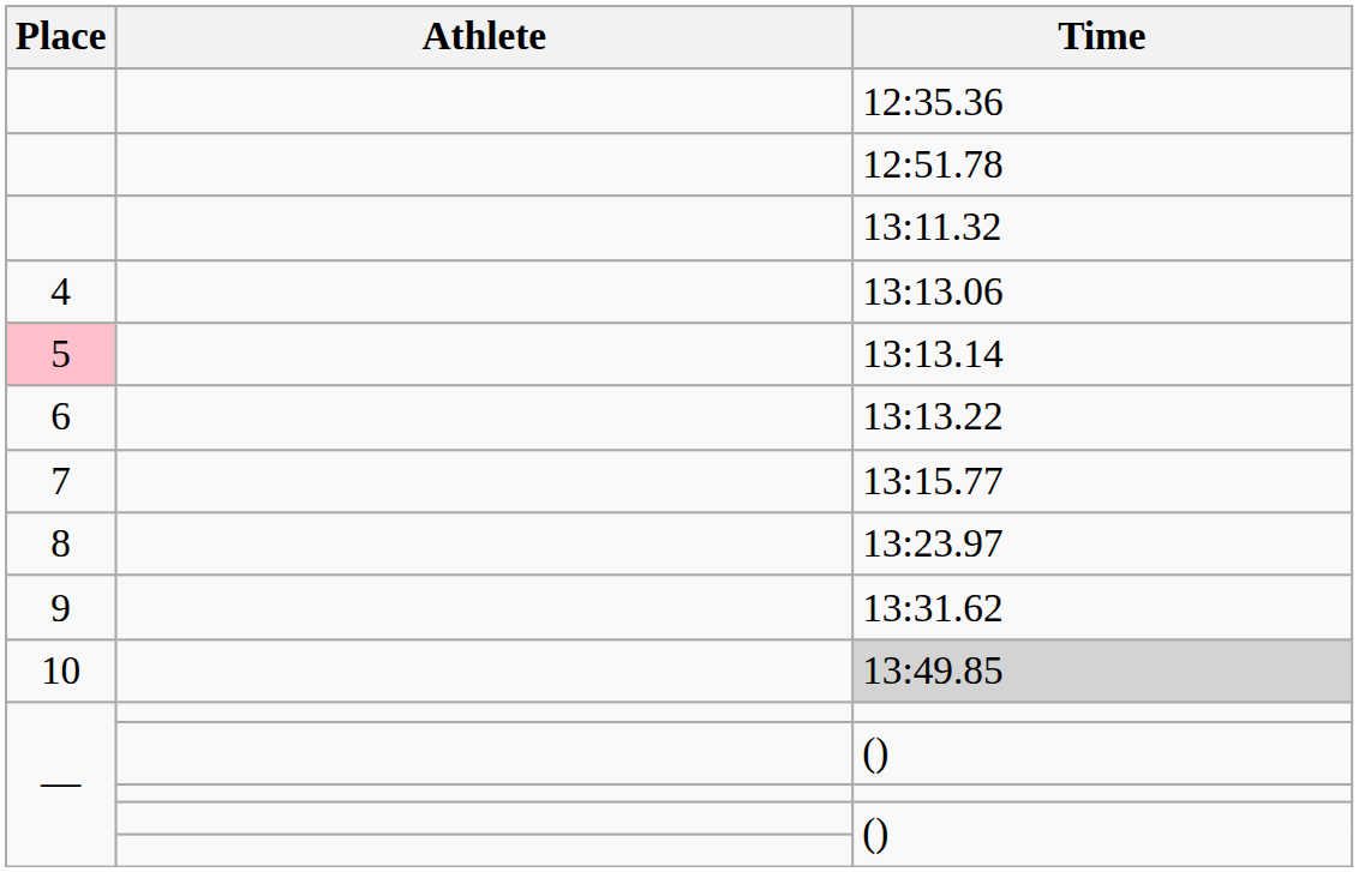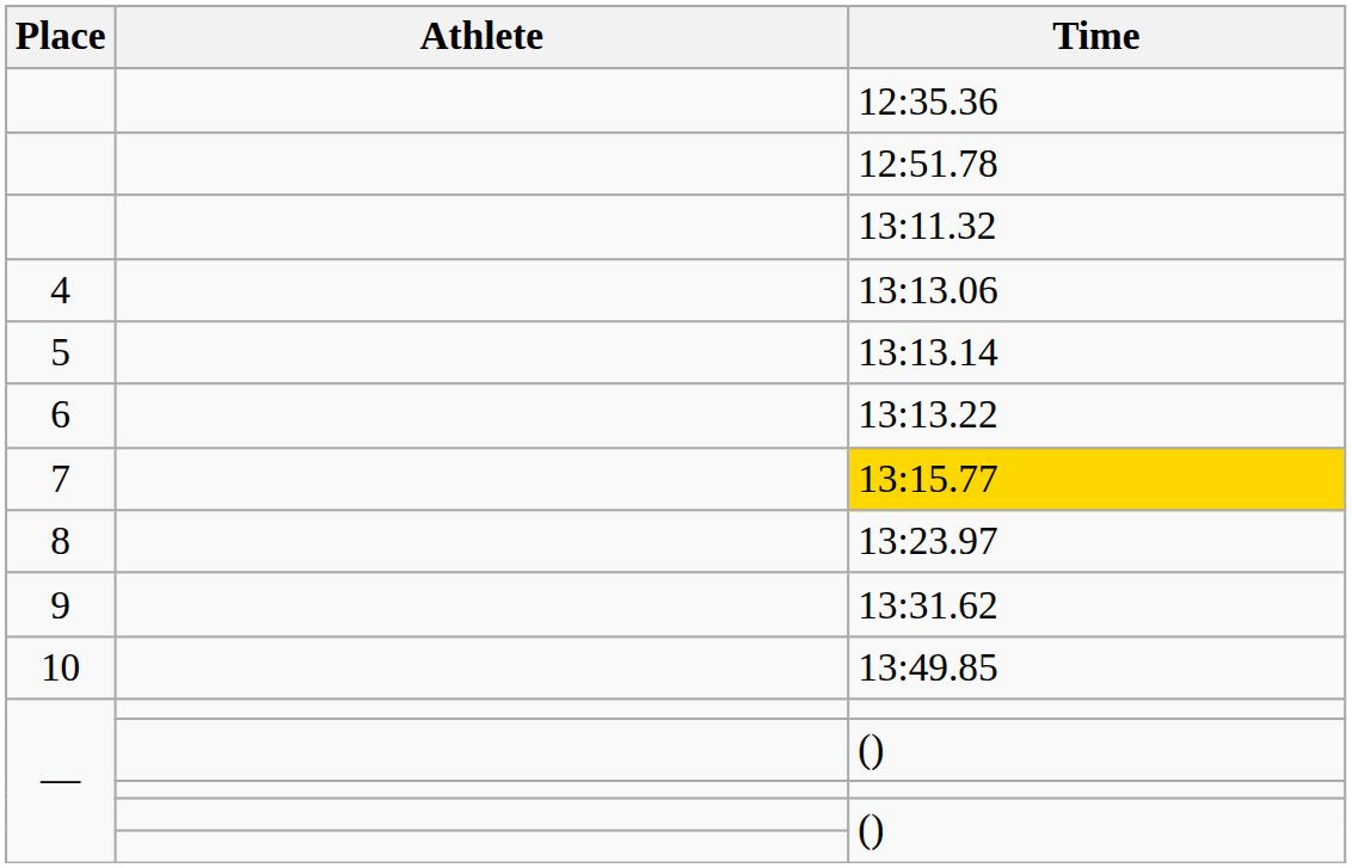 <table class=wikitable>
 <tr>
 <th>Place</th>
 <th style="width:18em">Athlete</th>
 <th style="width:12em">Time</th>
 </tr>
 <tr>
 <td align=center></td>
 <td></td>
 <td>12:35.36 <strong></strong></td>
 </tr>
 <tr>
 <td align=center></td>
 <td></td>
 <td>12:51.78 </td>
 </tr>
 <tr>
 <td align=center></td>
 <td></td>
 <td>13:11.32</td>
 </tr>
 <tr>
 <td align=center>4</td>
 <td></td>
 <td>13:13.06 <strong></strong></td>
 </tr>
 <tr>
-<td align=center style="background: pink;">5</td>
+<td align=center>5</td>
 <td></td>
 <td>13:13.14 </td>
 </tr>
 <tr>
 <td align=center>6</td>
 <td></td>
 <td>13:13.22</td>
 </tr>
 <tr>
 <td align=center>7</td>
 <td></td>
-<td>13:15.77 </td>
+<td style="background: gold;">13:15.77 </td>
 </tr>
 <tr>
 <td align=center>8</td>
 <td></td>
 <td>13:23.97 </td>
 </tr>
 <tr>
 <td align=center>9</td>
 <td></td>
 <td>13:31.62</td>
 </tr>
 <tr>
 <td align=center>10</td>
 <td></td>
-<td style="background: lightgrey;">13:49.85</td>
+<td>13:49.85</td>
 </tr>
 <tr>
 <td align=center data-sort-value=11 rowspan=5>—</td>
 <td></td>
 <td></td>
 </tr>
 <tr>
 <td></td>
 <td> ()</td>
 </tr>
 <tr>
 <td></td>
 <td></td>
 </tr>
 <tr>
 <td></td>
 <td rowspan=2> ()</td>
 </tr>
 <tr>
 <td></td>
 </tr>
 </table>
